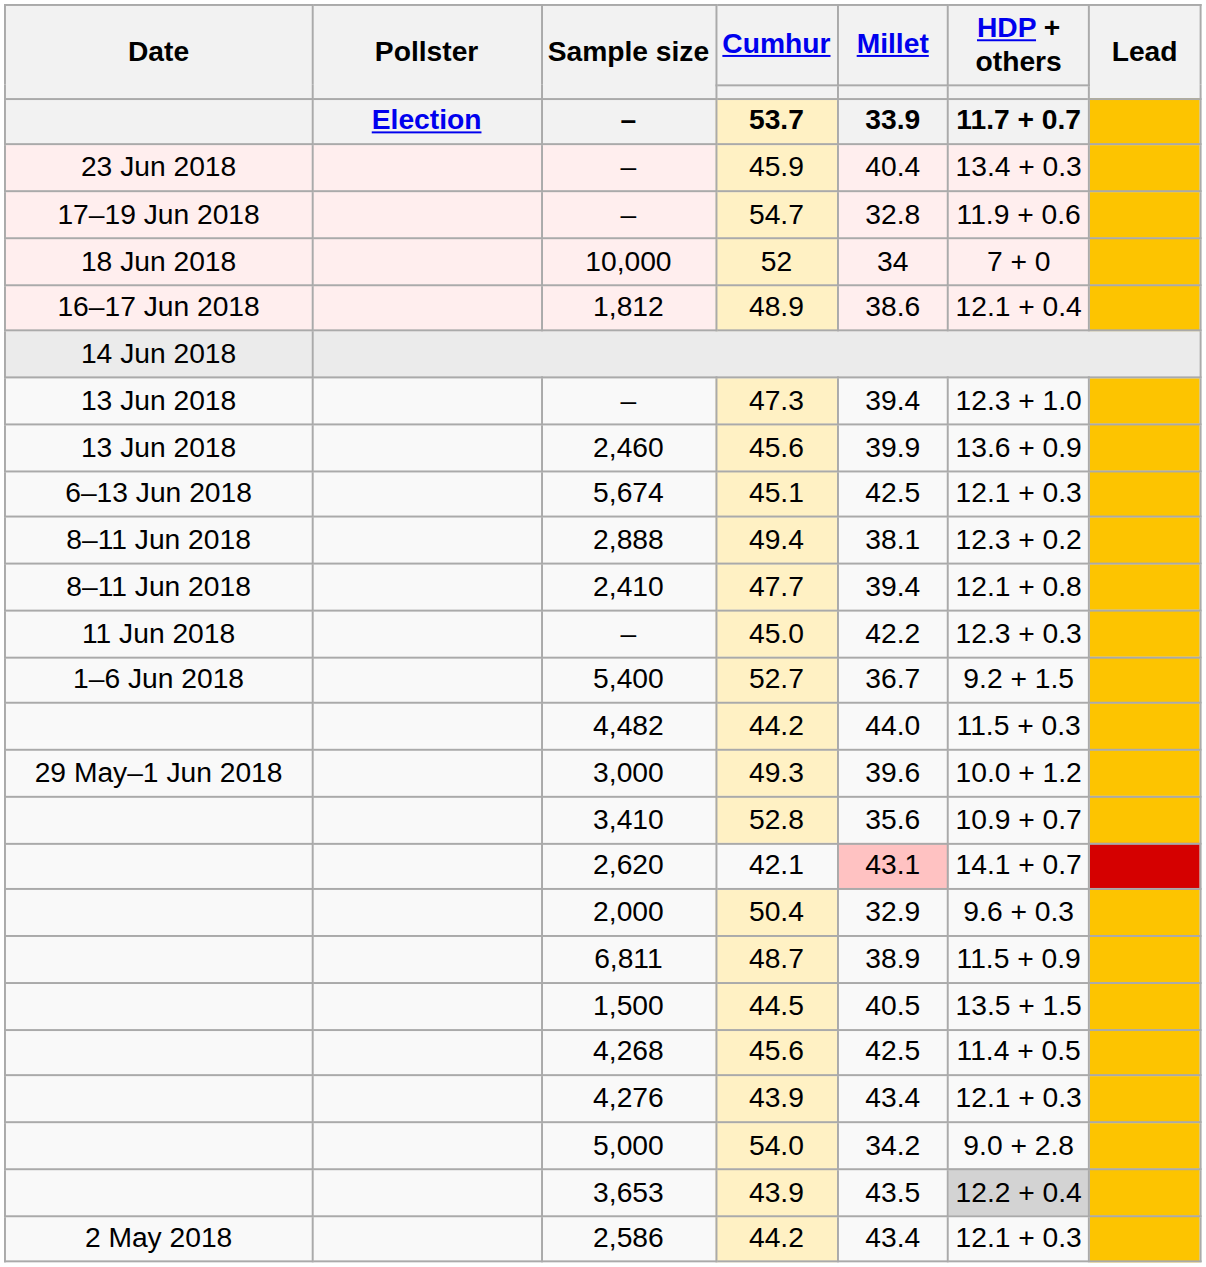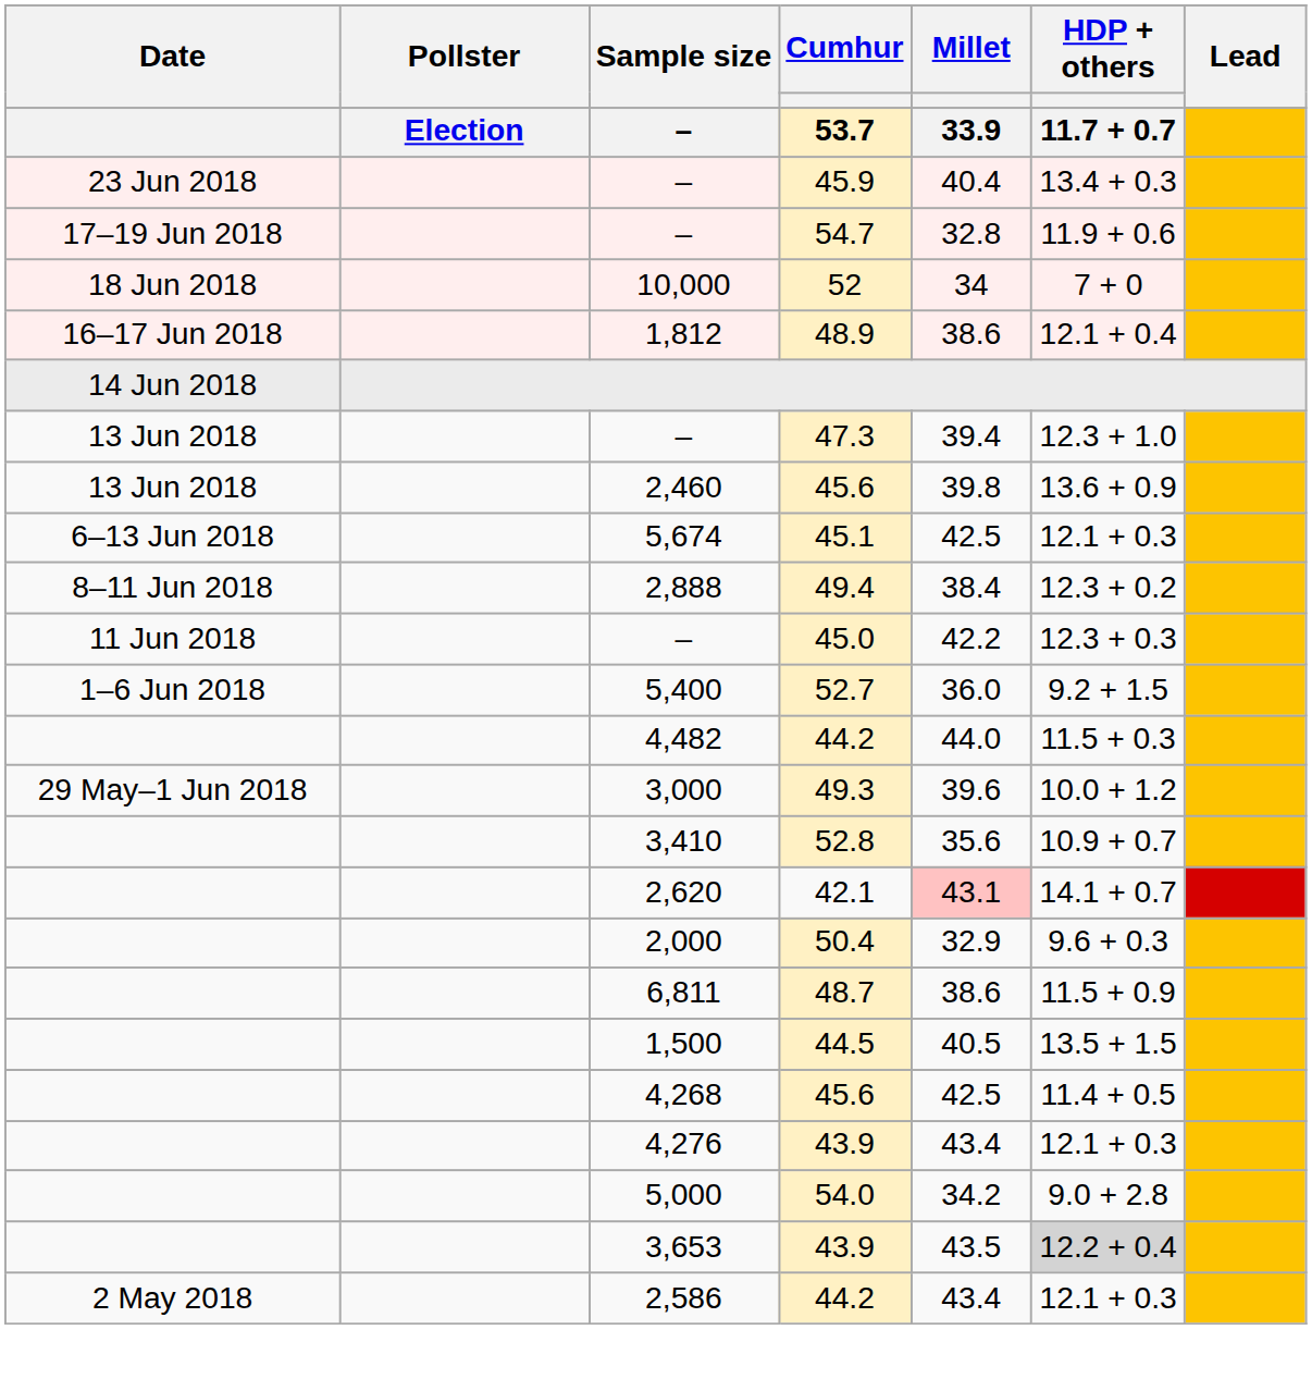 <table class="wikitable" style="text-align:center; font-size:90%; line-height:17px;">
 <tr>
 <th rowspan="2" width="150px">Date</th>
 <th rowspan="2" width="110px">Pollster</th>
 <th rowspan="2" width="50px">Sample size</th>
 <th width="50"><a href='#'>Cumhur</a></th>
 <th width="50"><a href='#'>Millet</a></th>
 <th width="65"><a href='#'>HDP</a> + others</th>
 <th rowspan="2" width="50">Lead</th>
 </tr>
 <tr>
 <th style="background: "></th>
 <th style="background: "></th>
 <th style="background: "></th>
 </tr>
 <tr>
 <th></th>
 <th><a href='#'>Election</a></th>
 <th>–</th>
 <th style="background: #FFF1C4">53.7</th>
 <th>33.9</th>
 <th>11.7 + 0.7</th>
 <th style="background: #Fdc400"></th>
 </tr>
 <tr>
 <td style="background: #FFEEEE">23 Jun 2018</td>
 <td style="background: #FFEEEE"></td>
 <td style="background: #FFEEEE">–</td>
 <td style="background: #FFF1C4">45.9</td>
 <td style="background: #FFEEEE">40.4</td>
 <td style="background: #FFEEEE">13.4 + 0.3</td>
 <td style="background: #FDC400"></td>
 </tr>
 <tr>
 <td style="background: #FFEEEE">17–19 Jun 2018</td>
 <td style="background: #FFEEEE"></td>
 <td style="background: #FFEEEE">–</td>
 <td style="background: #FFF1C4">54.7</td>
 <td style="background: #FFEEEE">32.8</td>
 <td style="background: #FFEEEE">11.9 + 0.6</td>
 <td style="background: #FDC400"></td>
 </tr>
 <tr>
 <td style="background: #FFEEEE">18 Jun 2018</td>
 <td style="background: #FFEEEE"></td>
 <td style="background: #FFEEEE">10,000</td>
 <td style="background: #FFF1C4">52</td>
 <td style="background: #FFEEEE">34</td>
 <td style="background: #FFEEEE">7 + 0</td>
 <td style="background: #FDC400"></td>
 </tr>
 <tr>
 <td style="background: #FFEEEE">16–17 Jun 2018</td>
 <td style="background: #FFEEEE"></td>
 <td style="background: #FFEEEE">1,812</td>
 <td style="background: #FFF1C4">48.9</td>
 <td style="background: #FFEEEE">38.6</td>
 <td style="background: #FFEEEE">12.1 + 0.4</td>
 <td style="background: #FDC400"></td>
 </tr>
 <tr>
 <td style="background: #EBEBEB">14 Jun 2018</td>
 <td colspan="6" style="background: #EBEBEB"></td>
 </tr>
 <tr>
 <td>13 Jun 2018</td>
 <td></td>
 <td>–</td>
 <td style="background: #FFF1C4">47.3</td>
 <td>39.4</td>
 <td>12.3 + 1.0</td>
 <td style="background: #FDC400"></td>
 </tr>
 <tr>
 <td>13 Jun 2018</td>
 <td></td>
 <td>2,460</td>
 <td style="background: #FFF1C4">45.6</td>
-<td>39.9</td>
+<td>39.8</td>
 <td>13.6 + 0.9</td>
 <td style="background: #FDC400"></td>
 </tr>
 <tr>
 <td>6–13 Jun 2018</td>
 <td></td>
 <td>5,674</td>
 <td style="background: #FFF1C4">45.1</td>
 <td>42.5</td>
 <td>12.1 + 0.3</td>
 <td style="background: #FDC400"></td>
 </tr>
 <tr>
 <td>8–11 Jun 2018</td>
 <td></td>
 <td>2,888</td>
 <td style="background: #FFF1C4">49.4</td>
-<td>38.1</td>
+<td>38.4</td>
 <td>12.3 + 0.2</td>
-<td style="background: #FDC400"></td>
-</tr>
-<tr>
-<td>8–11 Jun 2018</td>
-<td></td>
-<td>2,410</td>
-<td style="background: #FFF1C4">47.7</td>
-<td>39.4</td>
-<td>12.1 + 0.8</td>
 <td style="background: #FDC400"></td>
 </tr>
 <tr>
 <td>11 Jun 2018</td>
 <td></td>
 <td>–</td>
 <td style="background: #FFF1C4">45.0</td>
 <td>42.2</td>
 <td>12.3 + 0.3</td>
 <td style="background: #FDC400"></td>
 </tr>
 <tr>
 <td>1–6 Jun 2018</td>
 <td></td>
 <td>5,400</td>
 <td style="background: #FFF1C4">52.7</td>
-<td>36.7</td>
+<td>36.0</td>
 <td>9.2 + 1.5</td>
 <td style="background: #FDC400"></td>
 </tr>
 <tr>
 <td></td>
 <td></td>
 <td>4,482</td>
 <td style="background: #FFF1C4">44.2</td>
 <td>44.0</td>
 <td>11.5 + 0.3</td>
 <td style="background: #FDC400"></td>
 </tr>
 <tr>
 <td>29 May–1 Jun 2018</td>
 <td></td>
 <td>3,000</td>
 <td style="background: #FFF1C4">49.3</td>
 <td>39.6</td>
 <td>10.0 + 1.2</td>
 <td style="background: #FDC400"></td>
 </tr>
 <tr>
 <td></td>
 <td></td>
 <td>3,410</td>
 <td style="background: #FFF1C4">52.8</td>
 <td>35.6</td>
 <td>10.9 + 0.7</td>
 <td style="background: #FDC400"></td>
 </tr>
 <tr>
 <td></td>
 <td></td>
 <td>2,620</td>
 <td>42.1</td>
 <td style="background: #FFC2C2">43.1</td>
 <td>14.1 + 0.7</td>
 <td style="background: #D50000"></td>
 </tr>
 <tr>
 <td></td>
 <td></td>
 <td>2,000</td>
 <td style="background: #FFF1C4">50.4</td>
 <td>32.9</td>
 <td>9.6 + 0.3</td>
 <td style="background: #FDC400"></td>
 </tr>
 <tr>
 <td></td>
 <td></td>
 <td>6,811</td>
 <td style="background: #FFF1C4">48.7</td>
-<td>38.9</td>
+<td>38.6</td>
 <td>11.5 + 0.9</td>
 <td style="background: #FDC400"></td>
 </tr>
 <tr>
 <td></td>
 <td></td>
 <td>1,500</td>
 <td style="background: #FFF1C4">44.5</td>
 <td>40.5</td>
 <td>13.5 + 1.5</td>
 <td style="background: #FDC400"></td>
 </tr>
 <tr>
 <td></td>
 <td></td>
 <td>4,268</td>
 <td style="background: #FFF1C4">45.6</td>
 <td>42.5</td>
 <td>11.4 + 0.5</td>
 <td style="background: #FDC400"></td>
 </tr>
 <tr>
 <td></td>
 <td></td>
 <td>4,276</td>
 <td style="background: #FFF1C4">43.9</td>
 <td>43.4</td>
 <td>12.1 + 0.3</td>
 <td style="background: #Fdc400"></td>
 </tr>
 <tr>
 <td></td>
 <td></td>
 <td>5,000</td>
 <td style="background: #FFF1C4">54.0</td>
 <td>34.2</td>
 <td>9.0 + 2.8</td>
 <td style="background: #Fdc400"></td>
 </tr>
 <tr>
 <td></td>
 <td></td>
 <td>3,653</td>
 <td style="background: #FFF1C4">43.9</td>
 <td>43.5</td>
 <td style="background: lightgrey;">12.2 + 0.4</td>
 <td style="background: #Fdc400"></td>
 </tr>
 <tr>
 <td>2 May 2018</td>
 <td></td>
 <td>2,586</td>
 <td style="background: #FFF1C4">44.2</td>
 <td>43.4</td>
 <td>12.1 + 0.3</td>
 <td style="background: #Fdc400"></td>
 </tr>
 </table>
